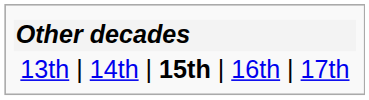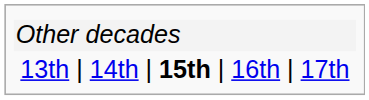 <table class="infobox" width=230>
 <tr>
 <td></td>
 </tr>
 <tr style="background-color:#f3f3f3">
-<td><strong><em>Other decades</em></strong></td>
+<td><em>Other decades</em></td>
 </tr>
 <tr>
 <td align="center"><a href='#'>13th</a> | <a href='#'>14th</a> | <strong>15th</strong> | <a href='#'>16th</a> | <a href='#'>17th</a></td>
 </tr>
 </table>
